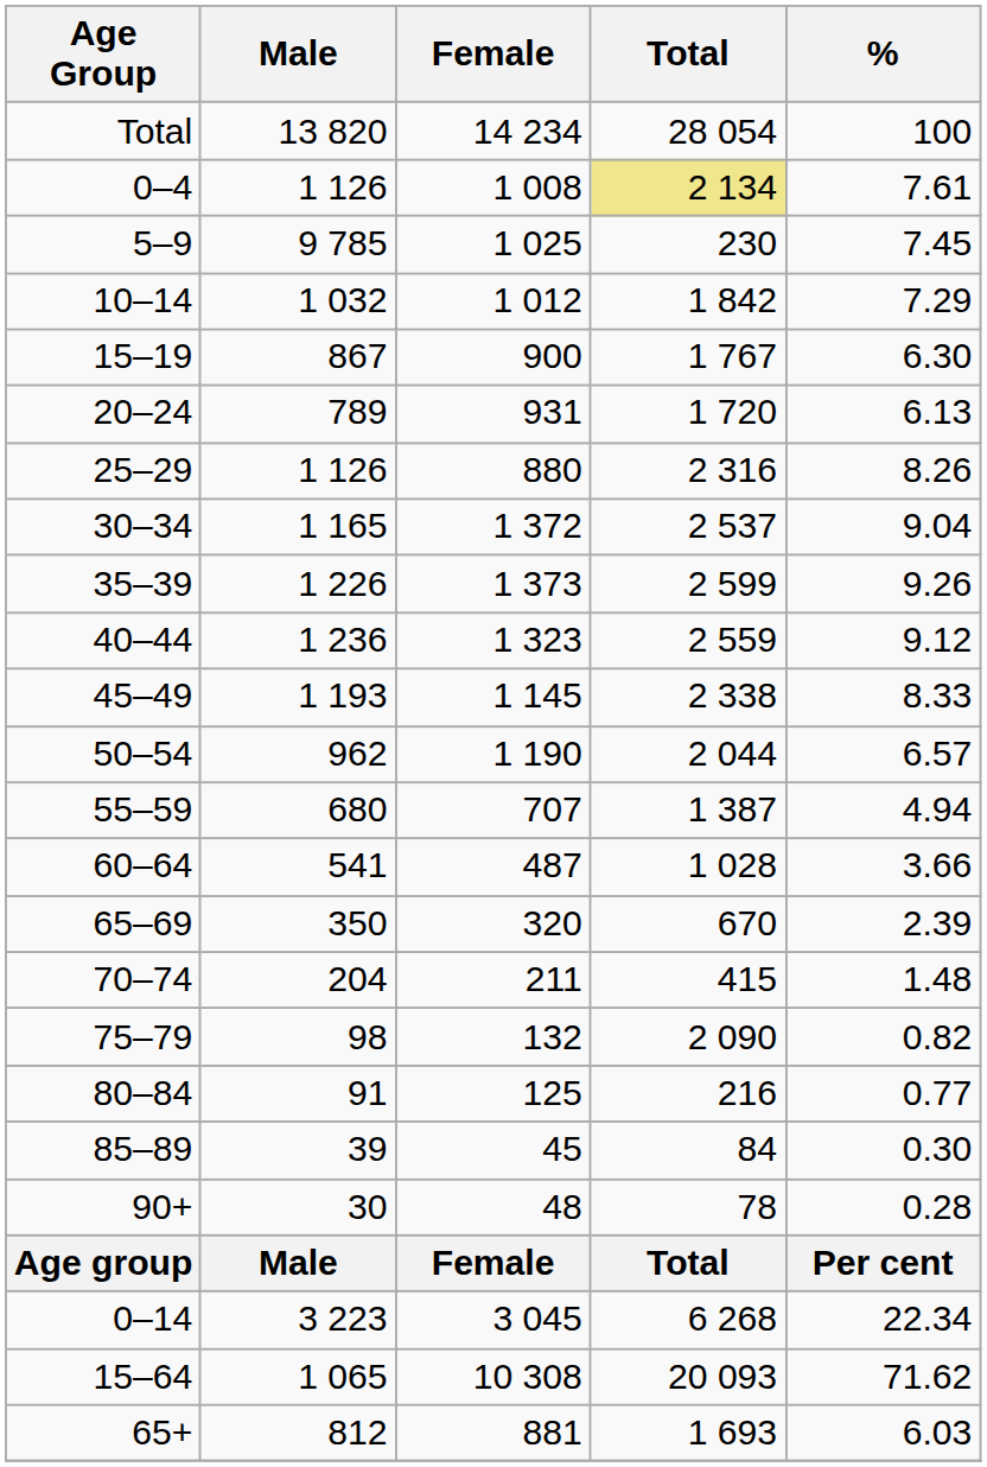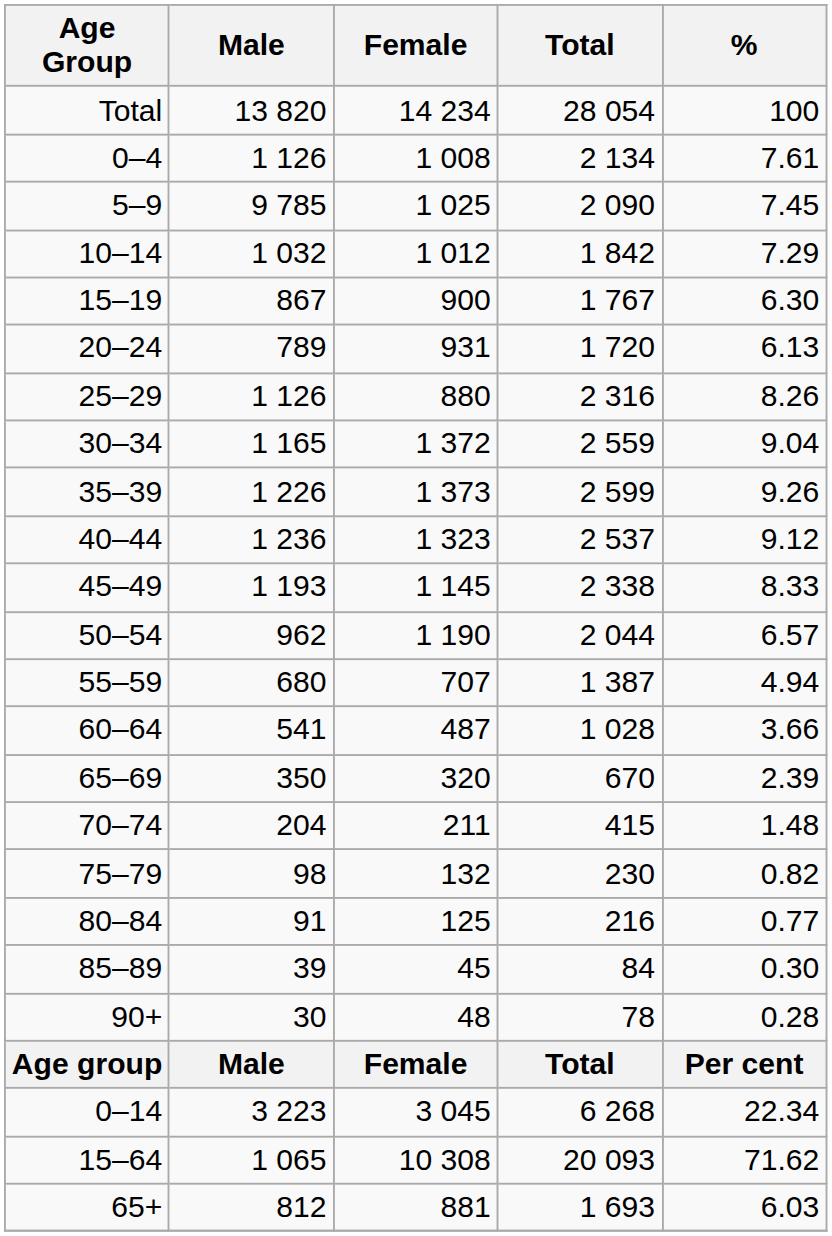 <table class="wikitable">
 <tr>
 <th width="80pt">Age Group</th>
 <th width="80pt">Male</th>
 <th width="80pt">Female</th>
 <th width="80pt">Total</th>
 <th width="80pt">%</th>
 </tr>
 <tr>
 <td align="right">Total</td>
 <td align="right">13 820</td>
 <td align="right">14 234</td>
 <td align="right">28 054</td>
 <td align="right">100</td>
 </tr>
 <tr>
 <td align="right">0–4</td>
 <td align="right">1 126</td>
 <td align="right">1 008</td>
-<td align="right" style="background: khaki;">2 134</td>
+<td align="right">2 134</td>
 <td align="right">7.61</td>
 </tr>
 <tr>
 <td align="right">5–9</td>
 <td align="right">9 785</td>
 <td align="right">1 025</td>
-<td align="right">230</td>
+<td align="right">2 090</td>
 <td align="right">7.45</td>
 </tr>
 <tr>
 <td align="right">10–14</td>
 <td align="right">1 032</td>
 <td align="right">1 012</td>
 <td align="right">1 842</td>
 <td align="right">7.29</td>
 </tr>
 <tr>
 <td align="right">15–19</td>
 <td align="right">867</td>
 <td align="right">900</td>
 <td align="right">1 767</td>
 <td align="right">6.30</td>
 </tr>
 <tr>
 <td align="right">20–24</td>
 <td align="right">789</td>
 <td align="right">931</td>
 <td align="right">1 720</td>
 <td align="right">6.13</td>
 </tr>
 <tr>
 <td align="right">25–29</td>
 <td align="right">1 126</td>
 <td align="right">880</td>
 <td align="right">2 316</td>
 <td align="right">8.26</td>
 </tr>
 <tr>
 <td align="right">30–34</td>
 <td align="right">1 165</td>
 <td align="right">1 372</td>
-<td align="right">2 537</td>
+<td align="right">2 559</td>
 <td align="right">9.04</td>
 </tr>
 <tr>
 <td align="right">35–39</td>
 <td align="right">1 226</td>
 <td align="right">1 373</td>
 <td align="right">2 599</td>
 <td align="right">9.26</td>
 </tr>
 <tr>
 <td align="right">40–44</td>
 <td align="right">1 236</td>
 <td align="right">1 323</td>
-<td align="right">2 559</td>
+<td align="right">2 537</td>
 <td align="right">9.12</td>
 </tr>
 <tr>
 <td align="right">45–49</td>
 <td align="right">1 193</td>
 <td align="right">1 145</td>
 <td align="right">2 338</td>
 <td align="right">8.33</td>
 </tr>
 <tr>
 <td align="right">50–54</td>
 <td align="right">962</td>
 <td align="right">1 190</td>
 <td align="right">2 044</td>
 <td align="right">6.57</td>
 </tr>
 <tr>
 <td align="right">55–59</td>
 <td align="right">680</td>
 <td align="right">707</td>
 <td align="right">1 387</td>
 <td align="right">4.94</td>
 </tr>
 <tr>
 <td align="right">60–64</td>
 <td align="right">541</td>
 <td align="right">487</td>
 <td align="right">1 028</td>
 <td align="right">3.66</td>
 </tr>
 <tr>
 <td align="right">65–69</td>
 <td align="right">350</td>
 <td align="right">320</td>
 <td align="right">670</td>
 <td align="right">2.39</td>
 </tr>
 <tr>
 <td align="right">70–74</td>
 <td align="right">204</td>
 <td align="right">211</td>
 <td align="right">415</td>
 <td align="right">1.48</td>
 </tr>
 <tr>
 <td align="right">75–79</td>
 <td align="right">98</td>
 <td align="right">132</td>
-<td align="right">2 090</td>
+<td align="right">230</td>
 <td align="right">0.82</td>
 </tr>
 <tr>
 <td align="right">80–84</td>
 <td align="right">91</td>
 <td align="right">125</td>
 <td align="right">216</td>
 <td align="right">0.77</td>
 </tr>
 <tr>
 <td align="right">85–89</td>
 <td align="right">39</td>
 <td align="right">45</td>
 <td align="right">84</td>
 <td align="right">0.30</td>
 </tr>
 <tr>
 <td align="right">90+</td>
 <td align="right">30</td>
 <td align="right">48</td>
 <td align="right">78</td>
 <td align="right">0.28</td>
 </tr>
 <tr>
 <th width="50">Age group</th>
 <th width="80pt">Male</th>
 <th width="80">Female</th>
 <th width="80">Total</th>
 <th width="50">Per cent</th>
 </tr>
 <tr>
 <td align="right">0–14</td>
 <td align="right">3 223</td>
 <td align="right">3 045</td>
 <td align="right">6 268</td>
 <td align="right">22.34</td>
 </tr>
 <tr>
 <td align="right">15–64</td>
 <td align="right">1 065</td>
 <td align="right">10 308</td>
 <td align="right">20 093</td>
 <td align="right">71.62</td>
 </tr>
 <tr>
 <td align="right">65+</td>
 <td align="right">812</td>
 <td align="right">881</td>
 <td align="right">1 693</td>
 <td align="right">6.03</td>
 </tr>
 <tr>
 </tr>
 </table>
